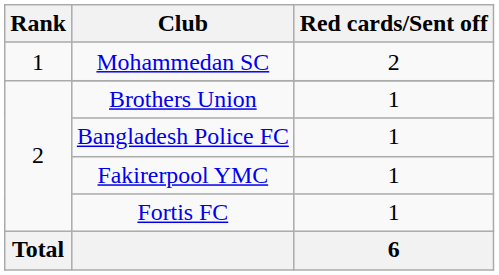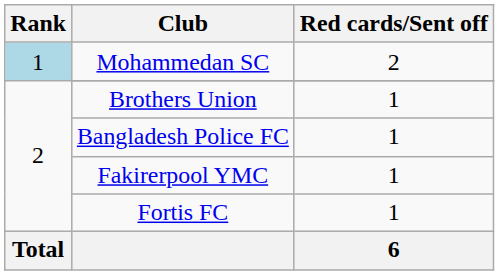 <table class="wikitable" style="text-align:center">
 <tr>
 <th>Rank</th>
 <th>Club</th>
 <th>Red cards/Sent off</th>
 </tr>
 <tr>
-<td>1</td>
+<td style="background: lightblue;">1</td>
 <td><a href='#'>Mohammedan SC</a></td>
 <td>2</td>
 </tr>
 <tr>
 <td rowspan=5>2</td>
 </tr>
 <tr>
 <td><a href='#'>Brothers Union</a></td>
 <td>1</td>
 </tr>
 <tr>
 <td><a href='#'>Bangladesh Police FC</a></td>
 <td>1</td>
 </tr>
 <tr>
 <td><a href='#'>Fakirerpool YMC</a></td>
 <td>1</td>
 </tr>
 <tr>
 <td><a href='#'>Fortis FC</a></td>
 <td>1</td>
 </tr>
 <tr>
 <th>Total</th>
 <th></th>
 <th>6</th>
 </tr>
 </table>
